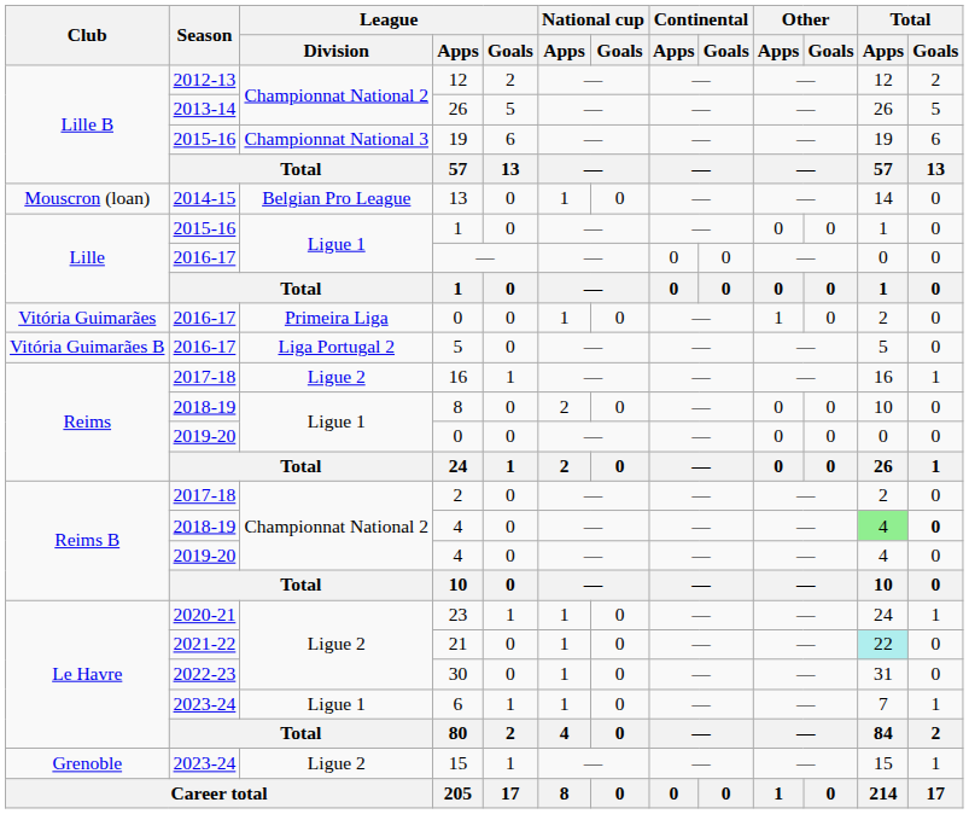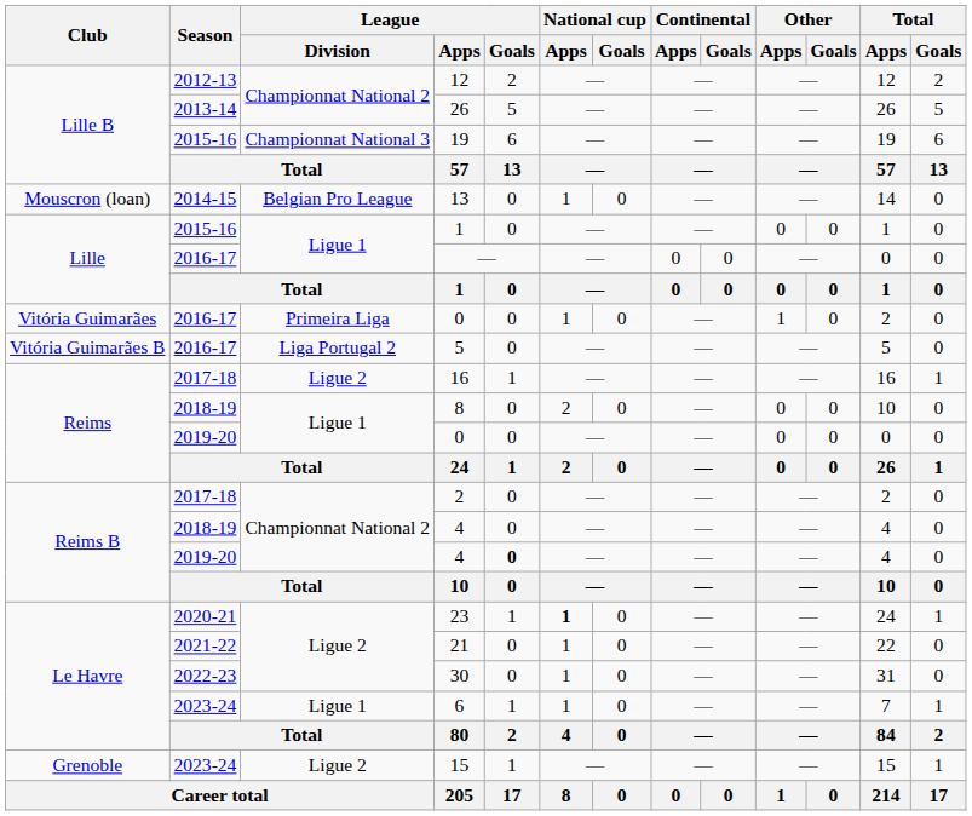 <table class="wikitable" style="text-align:center">
 <tr>
 <th rowspan="2">Club</th>
 <th rowspan="2">Season</th>
 <th colspan="3">League</th>
 <th colspan="2">National cup</th>
 <th colspan="2">Continental</th>
 <th colspan="2">Other</th>
 <th colspan="2">Total</th>
 </tr>
 <tr>
 <th>Division</th>
 <th>Apps</th>
 <th>Goals</th>
 <th>Apps</th>
 <th>Goals</th>
 <th>Apps</th>
 <th>Goals</th>
 <th>Apps</th>
 <th>Goals</th>
 <th>Apps</th>
 <th>Goals</th>
 </tr>
 <tr>
 <td rowspan="4"><a href='#'>Lille B</a></td>
 <td><a href='#'>2012-13</a></td>
 <td rowspan="2"><a href='#'>Championnat National 2</a></td>
 <td>12</td>
 <td>2</td>
 <td colspan="2">—</td>
 <td colspan="2">—</td>
 <td colspan="2">—</td>
 <td>12</td>
 <td>2</td>
 </tr>
 <tr>
 <td><a href='#'>2013-14</a></td>
 <td>26</td>
 <td>5</td>
 <td colspan="2">—</td>
 <td colspan="2">—</td>
 <td colspan="2">—</td>
 <td>26</td>
 <td>5</td>
 </tr>
 <tr>
 <td><a href='#'>2015-16</a></td>
 <td><a href='#'>Championnat National 3</a></td>
 <td>19</td>
 <td>6</td>
 <td colspan="2">—</td>
 <td colspan="2">—</td>
 <td colspan="2">—</td>
 <td>19</td>
 <td>6</td>
 </tr>
 <tr>
 <th colspan="2">Total</th>
 <th>57</th>
 <th>13</th>
 <th colspan="2">—</th>
 <th colspan="2">—</th>
 <th colspan="2">—</th>
 <th>57</th>
 <th>13</th>
 </tr>
 <tr>
 <td><a href='#'>Mouscron</a> (loan)</td>
 <td><a href='#'>2014-15</a></td>
 <td><a href='#'>Belgian Pro League</a></td>
 <td>13</td>
 <td>0</td>
 <td>1</td>
 <td>0</td>
 <td colspan="2">—</td>
 <td colspan="2">—</td>
 <td>14</td>
 <td>0</td>
 </tr>
 <tr>
 <td rowspan="3"><a href='#'>Lille</a></td>
 <td><a href='#'>2015-16</a></td>
 <td rowspan="2"><a href='#'>Ligue 1</a></td>
 <td>1</td>
 <td>0</td>
 <td colspan="2">—</td>
 <td colspan="2">—</td>
 <td>0</td>
 <td>0</td>
 <td>1</td>
 <td>0</td>
 </tr>
 <tr>
 <td><a href='#'>2016-17</a></td>
 <td colspan="2">—</td>
 <td colspan="2">—</td>
 <td>0</td>
 <td>0</td>
 <td colspan="2">—</td>
 <td>0</td>
 <td>0</td>
 </tr>
 <tr>
 <th colspan="2">Total</th>
 <th>1</th>
 <th>0</th>
 <th colspan="2">—</th>
 <th>0</th>
 <th>0</th>
 <th>0</th>
 <th>0</th>
 <th>1</th>
 <th>0</th>
 </tr>
 <tr>
 <td><a href='#'>Vitória Guimarães</a></td>
 <td><a href='#'>2016-17</a></td>
 <td><a href='#'>Primeira Liga</a></td>
 <td>0</td>
 <td>0</td>
 <td>1</td>
 <td>0</td>
 <td colspan="2">—</td>
 <td>1</td>
 <td>0</td>
 <td>2</td>
 <td>0</td>
 </tr>
 <tr>
 <td><a href='#'>Vitória Guimarães B</a></td>
 <td><a href='#'>2016-17</a></td>
 <td><a href='#'>Liga Portugal 2</a></td>
 <td>5</td>
 <td>0</td>
 <td colspan="2">—</td>
 <td colspan="2">—</td>
 <td colspan="2">—</td>
 <td>5</td>
 <td>0</td>
 </tr>
 <tr>
 <td rowspan="4"><a href='#'>Reims</a></td>
 <td><a href='#'>2017-18</a></td>
 <td><a href='#'>Ligue 2</a></td>
 <td>16</td>
 <td>1</td>
 <td colspan="2">—</td>
 <td colspan="2">—</td>
 <td colspan="2">—</td>
 <td>16</td>
 <td>1</td>
 </tr>
 <tr>
 <td><a href='#'>2018-19</a></td>
 <td rowspan="2">Ligue 1</td>
 <td>8</td>
 <td>0</td>
 <td>2</td>
 <td>0</td>
 <td colspan="2">—</td>
 <td>0</td>
 <td>0</td>
 <td>10</td>
 <td>0</td>
 </tr>
 <tr>
 <td><a href='#'>2019-20</a></td>
 <td>0</td>
 <td>0</td>
 <td colspan="2">—</td>
 <td colspan="2">—</td>
 <td>0</td>
 <td>0</td>
 <td>0</td>
 <td>0</td>
 </tr>
 <tr>
 <th colspan="2">Total</th>
 <th>24</th>
 <th>1</th>
 <th>2</th>
 <th>0</th>
 <th colspan="2">—</th>
 <th>0</th>
 <th>0</th>
 <th>26</th>
 <th>1</th>
 </tr>
 <tr>
 <td rowspan="4"><a href='#'>Reims B</a></td>
 <td><a href='#'>2017-18</a></td>
 <td rowspan="3">Championnat National 2</td>
 <td>2</td>
 <td>0</td>
 <td colspan="2">—</td>
 <td colspan="2">—</td>
 <td colspan="2">—</td>
 <td>2</td>
 <td>0</td>
 </tr>
 <tr>
 <td><a href='#'>2018-19</a></td>
 <td>4</td>
 <td>0</td>
 <td colspan="2">—</td>
 <td colspan="2">—</td>
 <td colspan="2">—</td>
-<td style="background: lightgreen;">4</td>
-<td><strong>0</strong></td>
+<td>4</td>
+<td>0</td>
 </tr>
 <tr>
 <td><a href='#'>2019-20</a></td>
 <td>4</td>
-<td>0</td>
+<td><strong>0</strong></td>
 <td colspan="2">—</td>
 <td colspan="2">—</td>
 <td colspan="2">—</td>
 <td>4</td>
 <td>0</td>
 </tr>
 <tr>
 <th colspan="2">Total</th>
 <th>10</th>
 <th>0</th>
 <th colspan="2">—</th>
 <th colspan="2">—</th>
 <th colspan="2">—</th>
 <th>10</th>
 <th>0</th>
 </tr>
 <tr>
 <td rowspan="5"><a href='#'>Le Havre</a></td>
 <td><a href='#'>2020-21</a></td>
 <td rowspan="3">Ligue 2</td>
 <td>23</td>
 <td>1</td>
-<td>1</td>
+<td><strong>1</strong></td>
 <td>0</td>
 <td colspan="2">—</td>
 <td colspan="2">—</td>
 <td>24</td>
 <td>1</td>
 </tr>
 <tr>
 <td><a href='#'>2021-22</a></td>
 <td>21</td>
 <td>0</td>
 <td>1</td>
 <td>0</td>
 <td colspan="2">—</td>
 <td colspan="2">—</td>
-<td style="background: paleturquoise;">22</td>
+<td>22</td>
 <td>0</td>
 </tr>
 <tr>
 <td><a href='#'>2022-23</a></td>
 <td>30</td>
 <td>0</td>
 <td>1</td>
 <td>0</td>
 <td colspan="2">—</td>
 <td colspan="2">—</td>
 <td>31</td>
 <td>0</td>
 </tr>
 <tr>
 <td><a href='#'>2023-24</a></td>
 <td>Ligue 1</td>
 <td>6</td>
 <td>1</td>
 <td>1</td>
 <td>0</td>
 <td colspan="2">—</td>
 <td colspan="2">—</td>
 <td>7</td>
 <td>1</td>
 </tr>
 <tr>
 <th colspan="2">Total</th>
 <th>80</th>
 <th>2</th>
 <th>4</th>
 <th>0</th>
 <th colspan="2">—</th>
 <th colspan="2">—</th>
 <th>84</th>
 <th>2</th>
 </tr>
 <tr>
 <td><a href='#'>Grenoble</a></td>
 <td><a href='#'>2023-24</a></td>
 <td>Ligue 2</td>
 <td>15</td>
 <td>1</td>
 <td colspan="2">—</td>
 <td colspan="2">—</td>
 <td colspan="2">—</td>
 <td>15</td>
 <td>1</td>
 </tr>
 <tr>
 <th colspan="3">Career total</th>
 <th>205</th>
 <th>17</th>
 <th>8</th>
 <th>0</th>
 <th>0</th>
 <th>0</th>
 <th>1</th>
 <th>0</th>
 <th>214</th>
 <th>17</th>
 </tr>
 </table>
